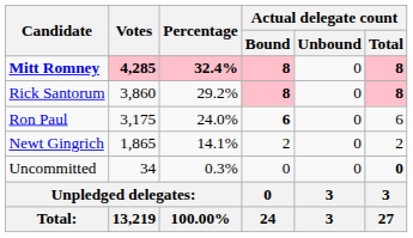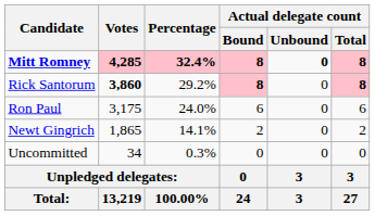 <table class="wikitable" style="text-align:right;">
 <tr>
 <th rowspan="2">Candidate</th>
 <th rowspan="2">Votes</th>
 <th rowspan="2">Percentage</th>
 <th colspan="3">Actual delegate count</th>
 </tr>
 <tr>
 <th>Bound</th>
 <th>Unbound</th>
 <th>Total</th>
 </tr>
 <tr>
 <td style="text-align:left;"> <strong><a href='#'>Mitt Romney</a></strong></td>
 <td style="background:pink;"><strong>4,285</strong></td>
 <td style="background:pink;"><strong>32.4%</strong></td>
 <td style="background:pink;"><strong>8</strong></td>
-<td>0</td>
+<td><strong>0</strong></td>
 <td style="background:pink;"><strong>8</strong></td>
 </tr>
 <tr>
 <td style="text-align:left;"><a href='#'>Rick Santorum</a></td>
-<td>3,860</td>
+<td><strong>3,860</strong></td>
 <td>29.2%</td>
 <td style="background:pink;"><strong>8</strong></td>
 <td>0</td>
 <td style="background:pink;"><strong>8</strong></td>
 </tr>
 <tr>
 <td style="text-align:left;"><a href='#'>Ron Paul</a></td>
 <td>3,175</td>
 <td>24.0%</td>
-<td><strong>6</strong></td>
+<td>6</td>
 <td>0</td>
 <td>6</td>
 </tr>
 <tr>
 <td style="text-align:left;"><a href='#'>Newt Gingrich</a></td>
 <td>1,865</td>
 <td>14.1%</td>
 <td>2</td>
 <td>0</td>
 <td>2</td>
 </tr>
 <tr>
 <td style="text-align:left;">Uncommitted</td>
 <td>34</td>
 <td>0.3%</td>
 <td>0</td>
 <td>0</td>
-<td><strong>0</strong></td>
+<td>0</td>
 </tr>
 <tr style="background:#eee;">
 <th colspan="3">Unpledged delegates:</th>
 <th>0</th>
 <th>3</th>
 <th>3</th>
 </tr>
 <tr style="background:#eee;">
 <th>Total:</th>
 <th>13,219</th>
 <th>100.00%</th>
 <th>24</th>
 <th>3</th>
 <th>27</th>
 </tr>
 </table>
